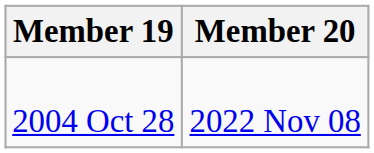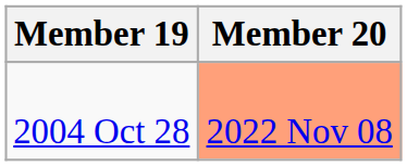 <table class=wikitable align=right>
 <tr>
 <th>Member 19</th>
 <th>Member 20</th>
 </tr>
 <tr>
 <td><br><a href='#'>2004 Oct 28</a></td>
-<td><br><a href='#'>2022 Nov 08</a></td>
+<td style="background: lightsalmon;"><br><a href='#'>2022 Nov 08</a></td>
 </tr>
 </table>
